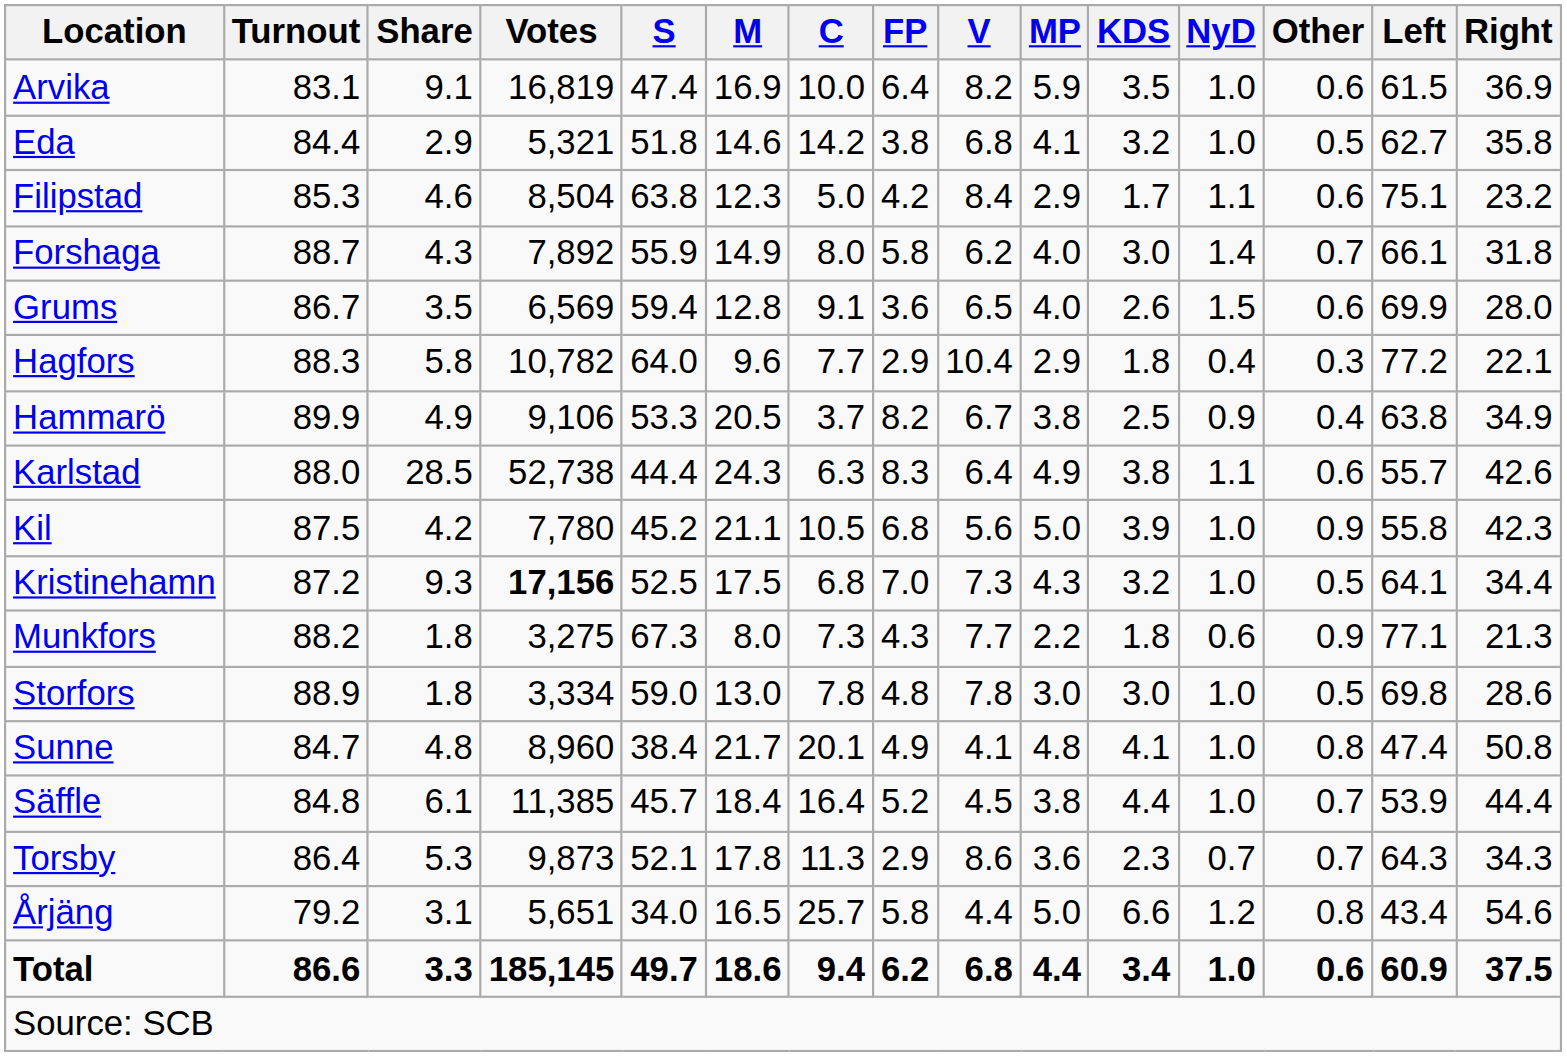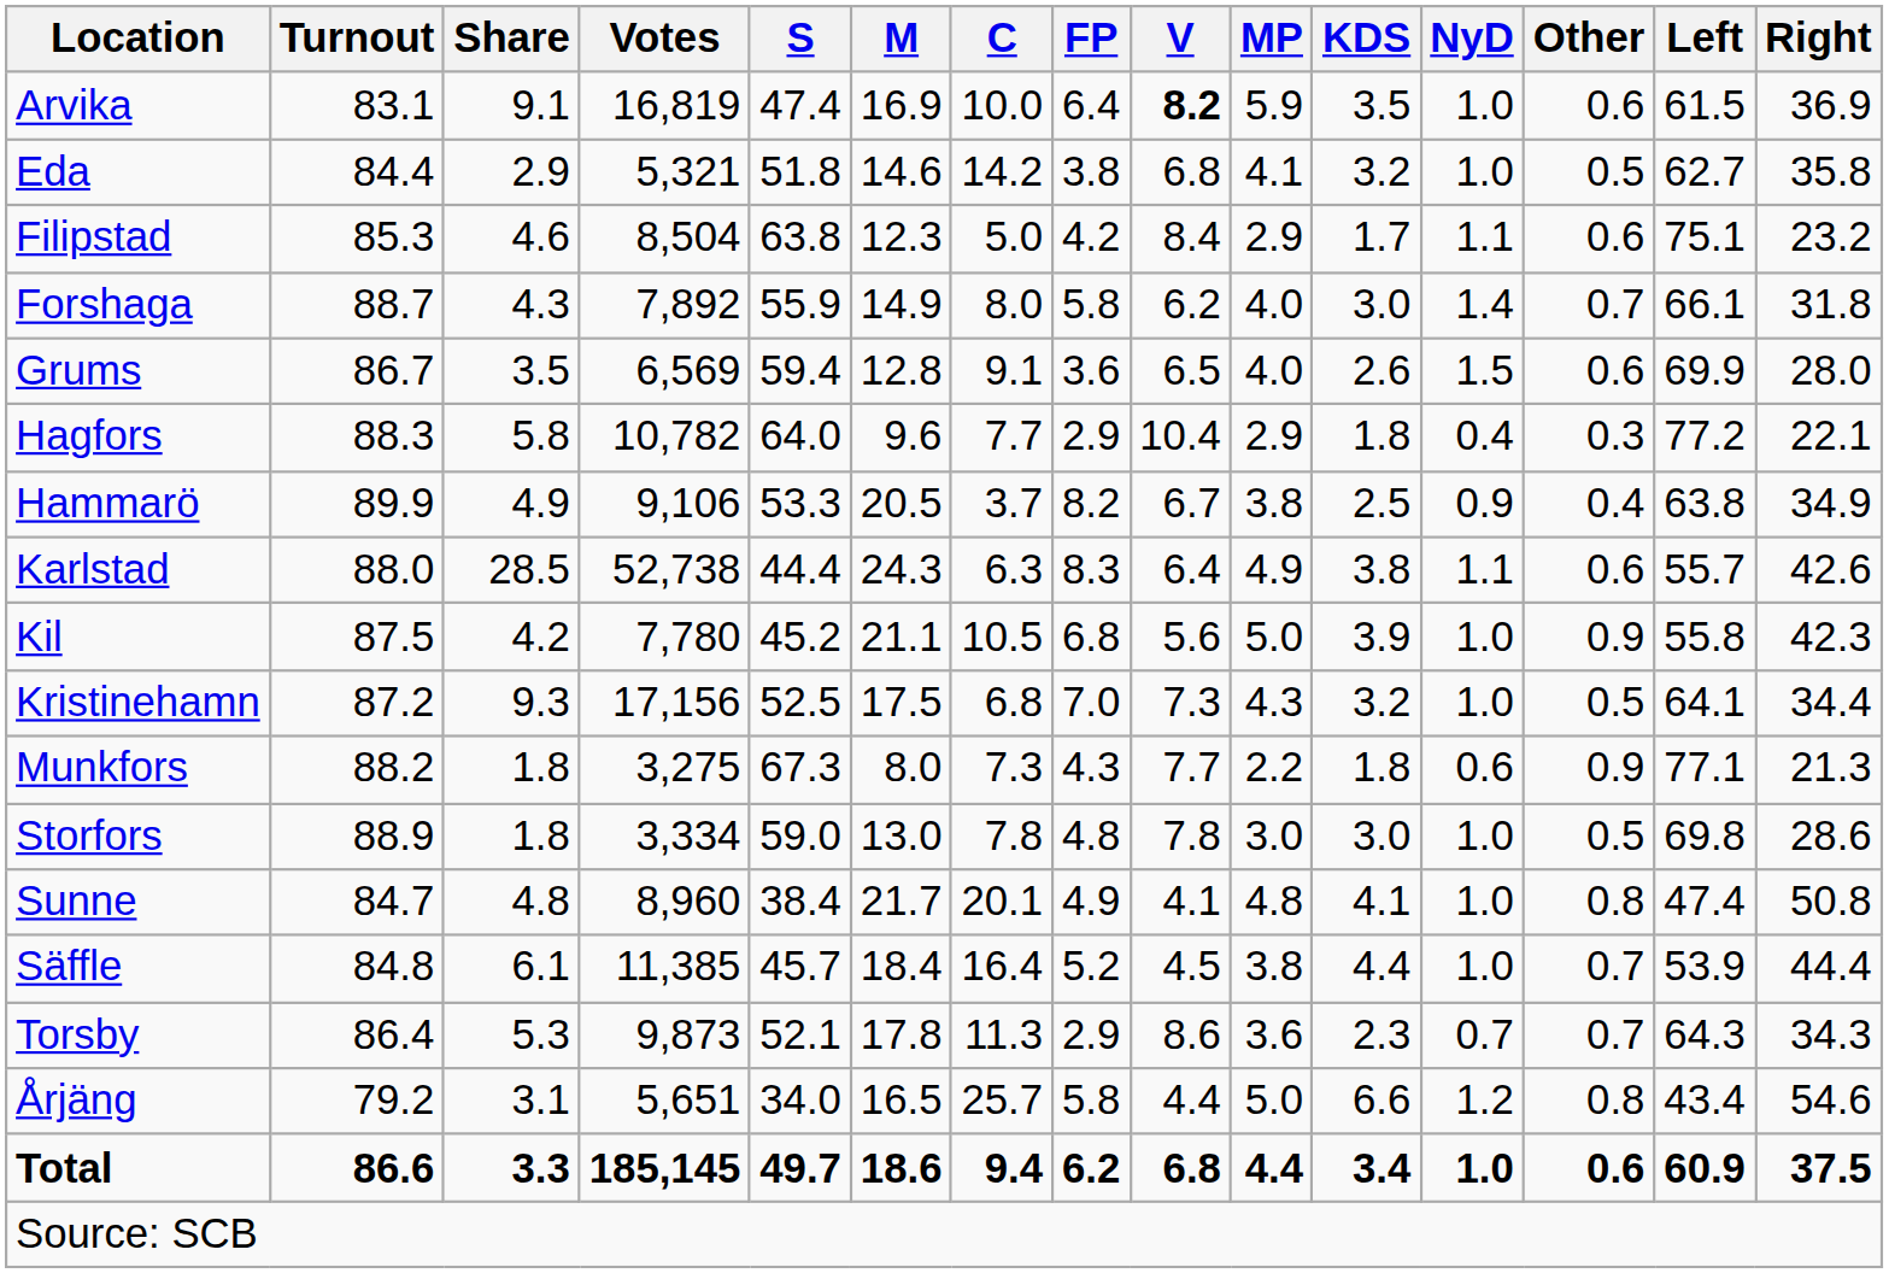 <table class="wikitable sortable" style=text-align:right>
 <tr>
 <th>Location</th>
 <th>Turnout</th>
 <th>Share</th>
 <th>Votes</th>
 <th><a href='#'>S</a></th>
 <th><a href='#'>M</a></th>
 <th><a href='#'>C</a></th>
 <th><a href='#'>FP</a></th>
 <th><a href='#'>V</a></th>
 <th><a href='#'>MP</a></th>
 <th><a href='#'>KDS</a></th>
 <th><a href='#'>NyD</a></th>
 <th>Other</th>
 <th>Left</th>
 <th>Right</th>
 </tr>
 <tr>
 <td align=left><a href='#'>Arvika</a></td>
 <td>83.1</td>
 <td>9.1</td>
 <td>16,819</td>
 <td>47.4</td>
 <td>16.9</td>
 <td>10.0</td>
 <td>6.4</td>
-<td>8.2</td>
+<td><strong>8.2</strong></td>
 <td>5.9</td>
 <td>3.5</td>
 <td>1.0</td>
 <td>0.6</td>
 <td>61.5</td>
 <td>36.9</td>
 </tr>
 <tr>
 <td align=left><a href='#'>Eda</a></td>
 <td>84.4</td>
 <td>2.9</td>
 <td>5,321</td>
 <td>51.8</td>
 <td>14.6</td>
 <td>14.2</td>
 <td>3.8</td>
 <td>6.8</td>
 <td>4.1</td>
 <td>3.2</td>
 <td>1.0</td>
 <td>0.5</td>
 <td>62.7</td>
 <td>35.8</td>
 </tr>
 <tr>
 <td align=left><a href='#'>Filipstad</a></td>
 <td>85.3</td>
 <td>4.6</td>
 <td>8,504</td>
 <td>63.8</td>
 <td>12.3</td>
 <td>5.0</td>
 <td>4.2</td>
 <td>8.4</td>
 <td>2.9</td>
 <td>1.7</td>
 <td>1.1</td>
 <td>0.6</td>
 <td>75.1</td>
 <td>23.2</td>
 </tr>
 <tr>
 <td align=left><a href='#'>Forshaga</a></td>
 <td>88.7</td>
 <td>4.3</td>
 <td>7,892</td>
 <td>55.9</td>
 <td>14.9</td>
 <td>8.0</td>
 <td>5.8</td>
 <td>6.2</td>
 <td>4.0</td>
 <td>3.0</td>
 <td>1.4</td>
 <td>0.7</td>
 <td>66.1</td>
 <td>31.8</td>
 </tr>
 <tr>
 <td align=left><a href='#'>Grums</a></td>
 <td>86.7</td>
 <td>3.5</td>
 <td>6,569</td>
 <td>59.4</td>
 <td>12.8</td>
 <td>9.1</td>
 <td>3.6</td>
 <td>6.5</td>
 <td>4.0</td>
 <td>2.6</td>
 <td>1.5</td>
 <td>0.6</td>
 <td>69.9</td>
 <td>28.0</td>
 </tr>
 <tr>
 <td align=left><a href='#'>Hagfors</a></td>
 <td>88.3</td>
 <td>5.8</td>
 <td>10,782</td>
 <td>64.0</td>
 <td>9.6</td>
 <td>7.7</td>
 <td>2.9</td>
 <td>10.4</td>
 <td>2.9</td>
 <td>1.8</td>
 <td>0.4</td>
 <td>0.3</td>
 <td>77.2</td>
 <td>22.1</td>
 </tr>
 <tr>
 <td align=left><a href='#'>Hammarö</a></td>
 <td>89.9</td>
 <td>4.9</td>
 <td>9,106</td>
 <td>53.3</td>
 <td>20.5</td>
 <td>3.7</td>
 <td>8.2</td>
 <td>6.7</td>
 <td>3.8</td>
 <td>2.5</td>
 <td>0.9</td>
 <td>0.4</td>
 <td>63.8</td>
 <td>34.9</td>
 </tr>
 <tr>
 <td align=left><a href='#'>Karlstad</a></td>
 <td>88.0</td>
 <td>28.5</td>
 <td>52,738</td>
 <td>44.4</td>
 <td>24.3</td>
 <td>6.3</td>
 <td>8.3</td>
 <td>6.4</td>
 <td>4.9</td>
 <td>3.8</td>
 <td>1.1</td>
 <td>0.6</td>
 <td>55.7</td>
 <td>42.6</td>
 </tr>
 <tr>
 <td align=left><a href='#'>Kil</a></td>
 <td>87.5</td>
 <td>4.2</td>
 <td>7,780</td>
 <td>45.2</td>
 <td>21.1</td>
 <td>10.5</td>
 <td>6.8</td>
 <td>5.6</td>
 <td>5.0</td>
 <td>3.9</td>
 <td>1.0</td>
 <td>0.9</td>
 <td>55.8</td>
 <td>42.3</td>
 </tr>
 <tr>
 <td align=left><a href='#'>Kristinehamn</a></td>
 <td>87.2</td>
 <td>9.3</td>
-<td><strong>17,156</strong></td>
+<td>17,156</td>
 <td>52.5</td>
 <td>17.5</td>
 <td>6.8</td>
 <td>7.0</td>
 <td>7.3</td>
 <td>4.3</td>
 <td>3.2</td>
 <td>1.0</td>
 <td>0.5</td>
 <td>64.1</td>
 <td>34.4</td>
 </tr>
 <tr>
 <td align=left><a href='#'>Munkfors</a></td>
 <td>88.2</td>
 <td>1.8</td>
 <td>3,275</td>
 <td>67.3</td>
 <td>8.0</td>
 <td>7.3</td>
 <td>4.3</td>
 <td>7.7</td>
 <td>2.2</td>
 <td>1.8</td>
 <td>0.6</td>
 <td>0.9</td>
 <td>77.1</td>
 <td>21.3</td>
 </tr>
 <tr>
 <td align=left><a href='#'>Storfors</a></td>
 <td>88.9</td>
 <td>1.8</td>
 <td>3,334</td>
 <td>59.0</td>
 <td>13.0</td>
 <td>7.8</td>
 <td>4.8</td>
 <td>7.8</td>
 <td>3.0</td>
 <td>3.0</td>
 <td>1.0</td>
 <td>0.5</td>
 <td>69.8</td>
 <td>28.6</td>
 </tr>
 <tr>
 <td align=left><a href='#'>Sunne</a></td>
 <td>84.7</td>
 <td>4.8</td>
 <td>8,960</td>
 <td>38.4</td>
 <td>21.7</td>
 <td>20.1</td>
 <td>4.9</td>
 <td>4.1</td>
 <td>4.8</td>
 <td>4.1</td>
 <td>1.0</td>
 <td>0.8</td>
 <td>47.4</td>
 <td>50.8</td>
 </tr>
 <tr>
 <td align=left><a href='#'>Säffle</a></td>
 <td>84.8</td>
 <td>6.1</td>
 <td>11,385</td>
 <td>45.7</td>
 <td>18.4</td>
 <td>16.4</td>
 <td>5.2</td>
 <td>4.5</td>
 <td>3.8</td>
 <td>4.4</td>
 <td>1.0</td>
 <td>0.7</td>
 <td>53.9</td>
 <td>44.4</td>
 </tr>
 <tr>
 <td align=left><a href='#'>Torsby</a></td>
 <td>86.4</td>
 <td>5.3</td>
 <td>9,873</td>
 <td>52.1</td>
 <td>17.8</td>
 <td>11.3</td>
 <td>2.9</td>
 <td>8.6</td>
 <td>3.6</td>
 <td>2.3</td>
 <td>0.7</td>
 <td>0.7</td>
 <td>64.3</td>
 <td>34.3</td>
 </tr>
 <tr>
 <td align=left><a href='#'>Årjäng</a></td>
 <td>79.2</td>
 <td>3.1</td>
 <td>5,651</td>
 <td>34.0</td>
 <td>16.5</td>
 <td>25.7</td>
 <td>5.8</td>
 <td>4.4</td>
 <td>5.0</td>
 <td>6.6</td>
 <td>1.2</td>
 <td>0.8</td>
 <td>43.4</td>
 <td>54.6</td>
 </tr>
 <tr>
 <td align=left><strong>Total</strong></td>
 <td><strong>86.6</strong></td>
 <td><strong>3.3</strong></td>
 <td><strong>185,145</strong></td>
 <td><strong>49.7</strong></td>
 <td><strong>18.6</strong></td>
 <td><strong>9.4</strong></td>
 <td><strong>6.2</strong></td>
 <td><strong>6.8</strong></td>
 <td><strong>4.4</strong></td>
 <td><strong>3.4</strong></td>
 <td><strong>1.0</strong></td>
 <td><strong>0.6</strong></td>
 <td><strong>60.9</strong></td>
 <td><strong>37.5</strong></td>
 </tr>
 <tr>
 <td align=left colspan=15>Source: SCB </td>
 </tr>
 </table>
